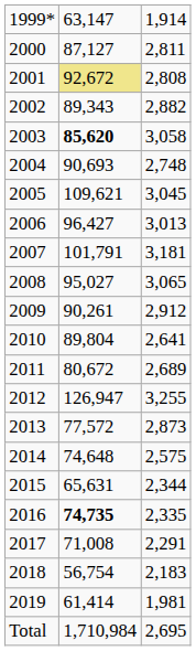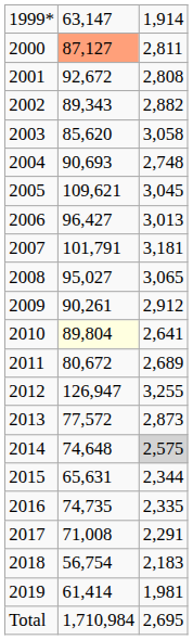 <table class="wikitable">
 <tr>
 <td>1999*</td>
 <td>63,147</td>
 <td>1,914</td>
 </tr>
 <tr>
 <td>2000</td>
-<td>87,127</td>
+<td style="background: lightsalmon;">87,127</td>
 <td>2,811</td>
 </tr>
 <tr>
 <td>2001</td>
-<td style="background: khaki;">92,672</td>
+<td>92,672</td>
 <td>2,808</td>
 </tr>
 <tr>
 <td>2002</td>
 <td>89,343</td>
 <td>2,882</td>
 </tr>
 <tr>
 <td>2003</td>
-<td><strong>85,620</strong></td>
+<td>85,620</td>
 <td>3,058</td>
 </tr>
 <tr>
 <td>2004</td>
 <td>90,693</td>
 <td>2,748</td>
 </tr>
 <tr>
 <td>2005</td>
 <td>109,621</td>
 <td>3,045</td>
 </tr>
 <tr>
 <td>2006</td>
 <td>96,427</td>
 <td>3,013</td>
 </tr>
 <tr>
 <td>2007</td>
 <td>101,791</td>
 <td>3,181</td>
 </tr>
 <tr>
 <td>2008</td>
 <td>95,027</td>
 <td>3,065</td>
 </tr>
 <tr>
 <td>2009</td>
 <td>90,261</td>
 <td>2,912</td>
 </tr>
 <tr>
 <td>2010</td>
-<td>89,804</td>
+<td style="background: lightyellow;">89,804</td>
 <td>2,641</td>
 </tr>
 <tr>
 <td>2011</td>
 <td>80,672</td>
 <td>2,689</td>
 </tr>
 <tr>
 <td>2012</td>
 <td>126,947</td>
 <td>3,255</td>
 </tr>
 <tr>
 <td>2013</td>
 <td>77,572</td>
 <td>2,873</td>
 </tr>
 <tr>
 <td>2014</td>
 <td>74,648</td>
-<td>2,575</td>
+<td style="background: lightgrey;">2,575</td>
 </tr>
 <tr>
 <td>2015</td>
 <td>65,631</td>
 <td>2,344</td>
 </tr>
 <tr>
 <td>2016</td>
-<td><strong>74,735</strong></td>
+<td>74,735</td>
 <td>2,335</td>
 </tr>
 <tr>
 <td>2017</td>
 <td>71,008</td>
 <td>2,291</td>
 </tr>
 <tr>
 <td>2018</td>
 <td>56,754</td>
 <td>2,183</td>
 </tr>
 <tr>
 <td>2019</td>
 <td>61,414</td>
 <td>1,981</td>
 </tr>
 <tr>
 <td>Total</td>
 <td>1,710,984</td>
 <td>2,695</td>
 </tr>
 </table>
